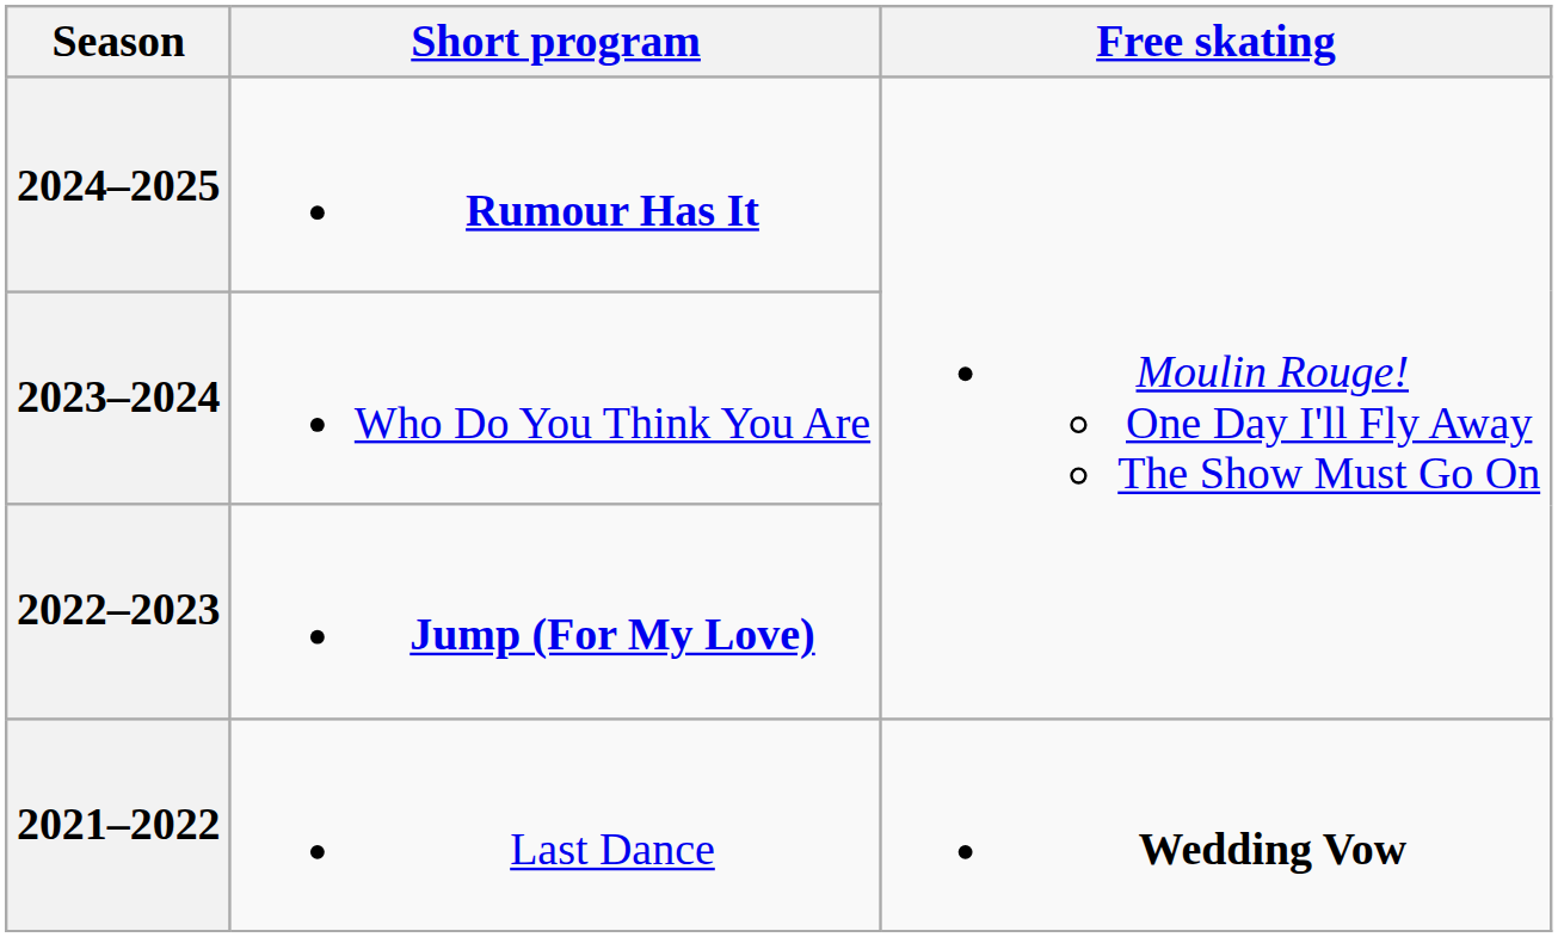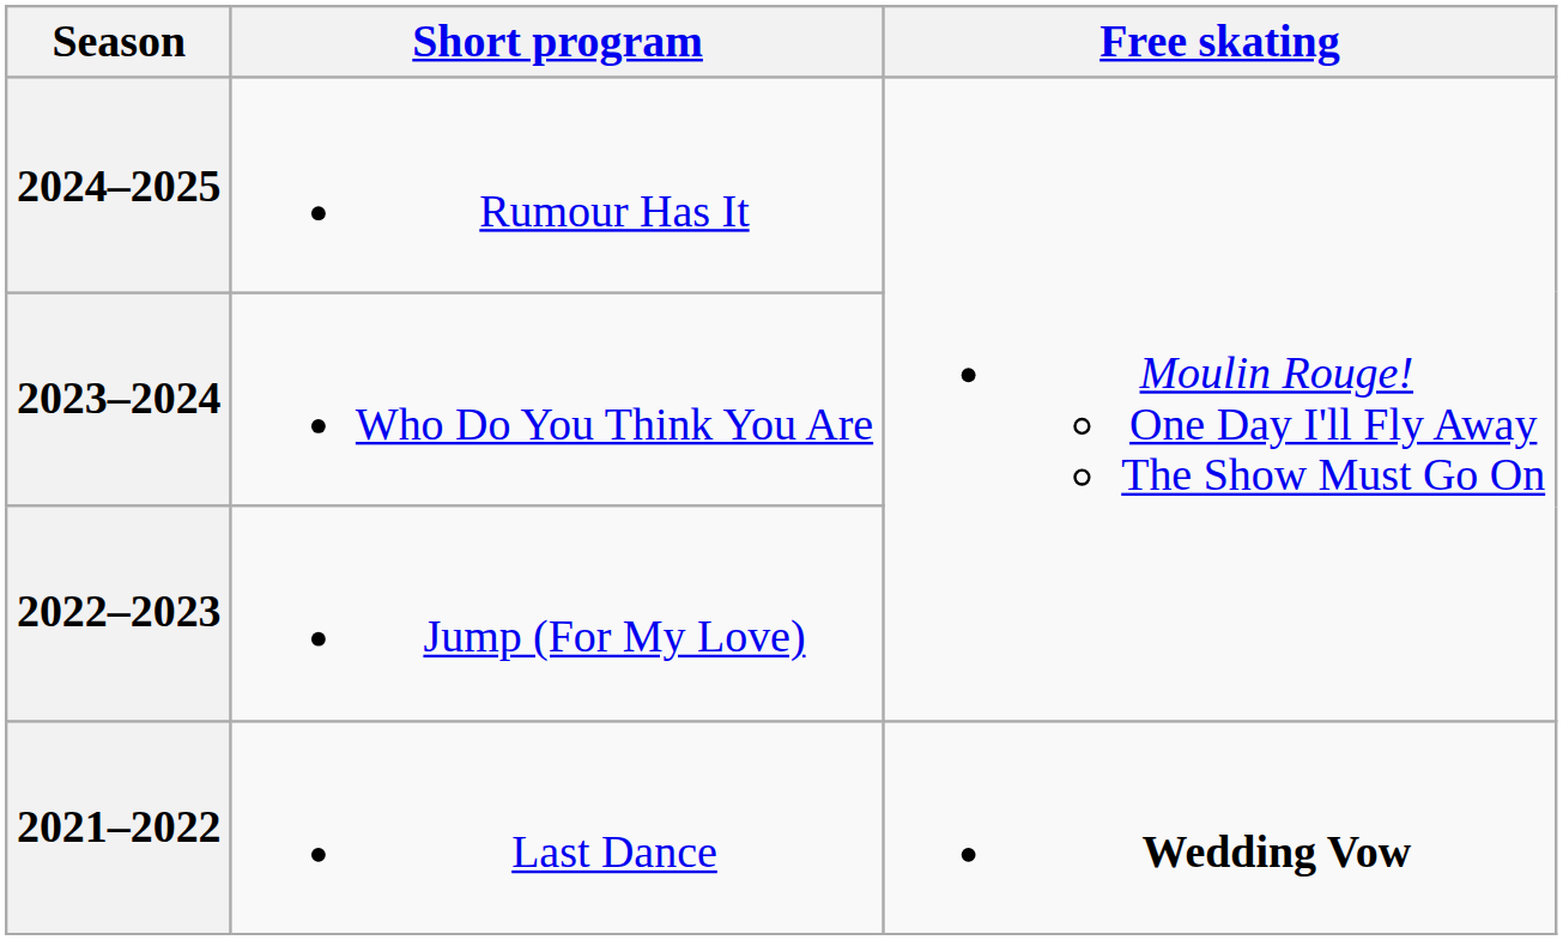 <table class=wikitable style=text-align:center>
 <tr>
 <th>Season</th>
 <th><a href='#'>Short program</a></th>
 <th><a href='#'>Free skating</a></th>
 </tr>
 <tr>
 <th>2024–2025 <br> </th>
-<td><strong><br><ul><li><a href='#'>Rumour Has It</a> <br> </li></ul></strong></td>
+<td><br><ul><li><a href='#'>Rumour Has It</a> <br> </li></ul></td>
 <td rowspan=3><br><ul><li><em><a href='#'>Moulin Rouge!</a></em><ul><li><a href='#'>One Day I'll Fly Away</a> <br> </li><li><a href='#'>The Show Must Go On</a> <br> </li></ul></li></ul></td>
 </tr>
 <tr>
 <th>2023–2024 <br></th>
 <td><br><ul><li><a href='#'>Who Do You Think You Are</a> <br> </li></ul></td>
 </tr>
 <tr>
 <th>2022–2023 <br></th>
-<td><strong><br><ul><li><a href='#'>Jump (For My Love)</a> <br> </li></ul></strong></td>
+<td><br><ul><li><a href='#'>Jump (For My Love)</a> <br> </li></ul></td>
 </tr>
 <tr>
 <th>2021–2022 <br></th>
 <td><br><ul><li><a href='#'>Last Dance</a> <br></li></ul></td>
 <td><strong><br><ul><li>Wedding Vow <br> </li></ul></strong></td>
 </tr>
 </table>
